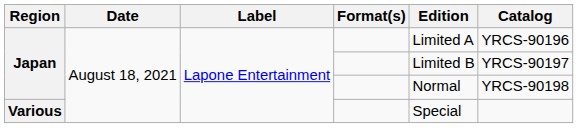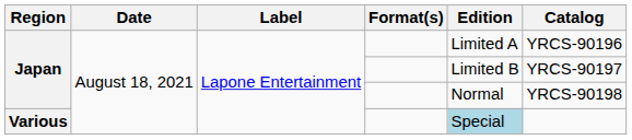 <table class="wikitable plainrowheaders">
 <tr>
 <th>Region</th>
 <th>Date</th>
 <th>Label</th>
 <th>Format(s)</th>
 <th>Edition</th>
 <th>Catalog</th>
 </tr>
 <tr>
 <th rowspan="3" scope="row">Japan</th>
 <td rowspan="4">August 18, 2021</td>
 <td rowspan="4"><a href='#'>Lapone Entertainment</a></td>
 <td></td>
 <td>Limited A</td>
 <td>YRCS-90196</td>
 </tr>
 <tr>
 <td></td>
 <td>Limited B</td>
 <td>YRCS-90197</td>
 </tr>
 <tr>
 <td></td>
 <td>Normal</td>
 <td>YRCS-90198</td>
 </tr>
 <tr>
 <th scope="row">Various</th>
 <td></td>
-<td>Special</td>
+<td style="background: lightblue;">Special</td>
 <td></td>
 </tr>
 </table>
